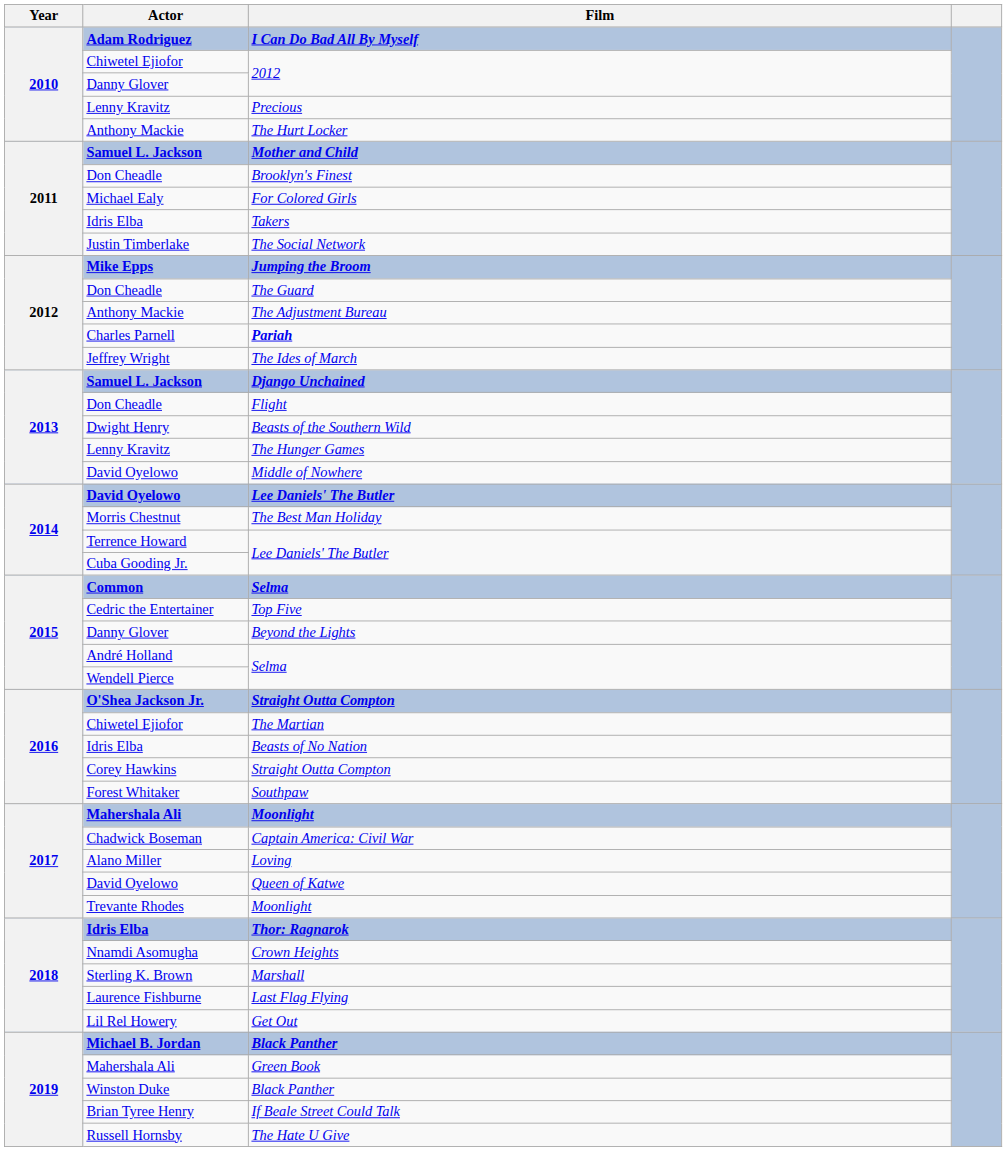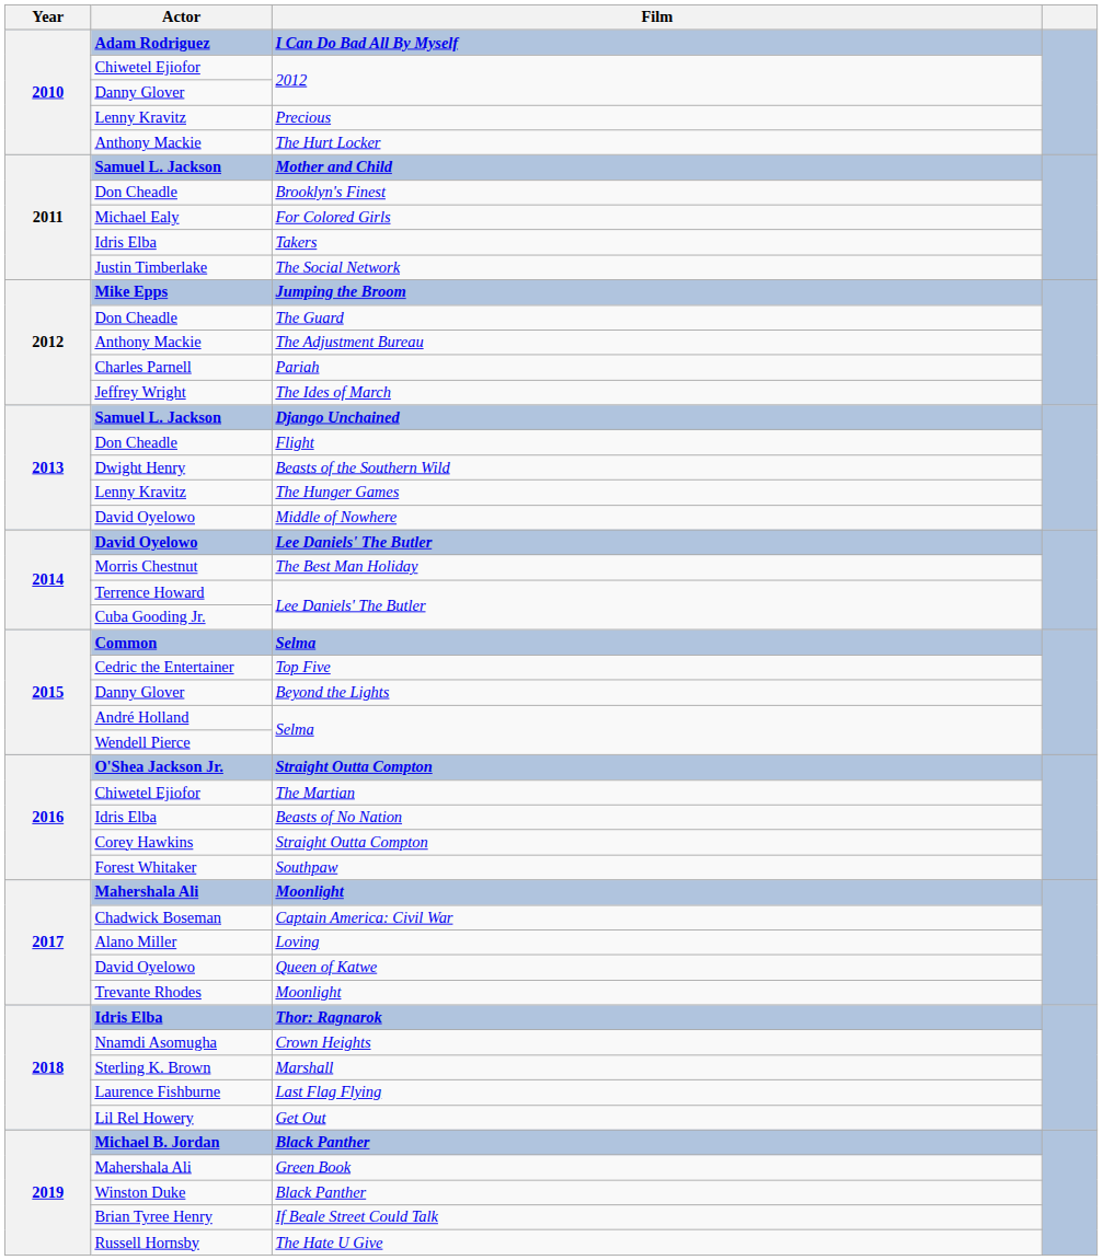 <table class="wikitable" style="width:70%;">
 <tr style="background:#bebebe;">
 <th scope="col" style="width:5em;">Year</th>
 <th scope="col" style="width:11em;">Actor</th>
 <th scope="col">Film</th>
 <th scope="col" style="width:3em;"></th>
 </tr>
 <tr style="background:#B0C4DE; font-weight:bold;">
 <th scope="row" rowspan="5"><a href='#'>2010</a></th>
 <td><a href='#'>Adam Rodriguez</a></td>
 <td><em><a href='#'>I Can Do Bad All By Myself</a></em></td>
 <td rowspan="5" style="text-align:center;"></td>
 </tr>
 <tr>
 <td><a href='#'>Chiwetel Ejiofor</a></td>
 <td rowspan="2"><em><a href='#'>2012</a></em></td>
 </tr>
 <tr>
 <td><a href='#'>Danny Glover</a></td>
 </tr>
 <tr>
 <td><a href='#'>Lenny Kravitz</a></td>
 <td><em><a href='#'>Precious</a></em></td>
 </tr>
 <tr>
 <td><a href='#'>Anthony Mackie</a></td>
 <td><em><a href='#'>The Hurt Locker</a></em></td>
 </tr>
 <tr style="background:#B0C4DE; font-weight:bold;">
 <th scope="row" rowspan="5">2011</th>
 <td><a href='#'>Samuel L. Jackson</a></td>
 <td><em><a href='#'>Mother and Child</a></em></td>
 <td rowspan="5" style="text-align:center;"></td>
 </tr>
 <tr>
 <td><a href='#'>Don Cheadle</a></td>
 <td><em><a href='#'>Brooklyn's Finest</a></em></td>
 </tr>
 <tr>
 <td><a href='#'>Michael Ealy</a></td>
 <td><em><a href='#'>For Colored Girls</a></em></td>
 </tr>
 <tr>
 <td><a href='#'>Idris Elba</a></td>
 <td><em><a href='#'>Takers</a></em></td>
 </tr>
 <tr>
 <td><a href='#'>Justin Timberlake</a></td>
 <td><em><a href='#'>The Social Network</a></em></td>
 </tr>
 <tr style="background:#B0C4DE; font-weight:bold;">
 <th scope="row" rowspan="5">2012</th>
 <td><a href='#'>Mike Epps</a></td>
 <td><em><a href='#'>Jumping the Broom</a></em></td>
 <td rowspan="5" style="text-align:center;"></td>
 </tr>
 <tr>
 <td><a href='#'>Don Cheadle</a></td>
 <td><em><a href='#'>The Guard</a></em></td>
 </tr>
 <tr>
 <td><a href='#'>Anthony Mackie</a></td>
 <td><em><a href='#'>The Adjustment Bureau</a></em></td>
 </tr>
 <tr>
 <td><a href='#'>Charles Parnell</a></td>
-<td><strong><em><a href='#'>Pariah</a></em></strong></td>
+<td><em><a href='#'>Pariah</a></em></td>
 </tr>
 <tr>
 <td><a href='#'>Jeffrey Wright</a></td>
 <td><em><a href='#'>The Ides of March</a></em></td>
 </tr>
 <tr style="background:#B0C4DE; font-weight:bold;">
 <th scope="row" rowspan="5"><a href='#'>2013</a></th>
 <td><a href='#'>Samuel L. Jackson</a></td>
 <td><em><a href='#'>Django Unchained</a></em></td>
 <td rowspan="5" style="text-align:center;"></td>
 </tr>
 <tr>
 <td><a href='#'>Don Cheadle</a></td>
 <td><em><a href='#'>Flight</a></em></td>
 </tr>
 <tr>
 <td><a href='#'>Dwight Henry</a></td>
 <td><em><a href='#'>Beasts of the Southern Wild</a></em></td>
 </tr>
 <tr>
 <td><a href='#'>Lenny Kravitz</a></td>
 <td><em><a href='#'>The Hunger Games</a></em></td>
 </tr>
 <tr>
 <td><a href='#'>David Oyelowo</a></td>
 <td><em><a href='#'>Middle of Nowhere</a></em></td>
 </tr>
 <tr style="background:#B0C4DE; font-weight:bold;">
 <th scope="row" rowspan="5"><a href='#'>2014</a></th>
 <td><a href='#'>David Oyelowo</a></td>
 <td><em><a href='#'>Lee Daniels' The Butler</a></em></td>
 <td rowspan="5" style="text-align:center;"></td>
 </tr>
 <tr>
 <td><a href='#'>Morris Chestnut</a></td>
 <td rowspan="2"><em><a href='#'>The Best Man Holiday</a></em></td>
 </tr>
 <tr>
 <td rowspan="2"><a href='#'>Terrence Howard</a></td>
 </tr>
 <tr>
 <td rowspan="2"><em><a href='#'>Lee Daniels' The Butler</a></em></td>
 </tr>
 <tr>
 <td><a href='#'>Cuba Gooding Jr.</a></td>
 </tr>
 <tr style="background:#B0C4DE; font-weight:bold;">
 <th scope="row" rowspan="5"><a href='#'>2015</a></th>
 <td><a href='#'>Common</a></td>
 <td><em><a href='#'>Selma</a></em></td>
 <td rowspan="5" style="text-align:center;"></td>
 </tr>
 <tr>
 <td><a href='#'>Cedric the Entertainer</a></td>
 <td><em><a href='#'>Top Five</a></em></td>
 </tr>
 <tr>
 <td><a href='#'>Danny Glover</a></td>
 <td><em><a href='#'>Beyond the Lights</a></em></td>
 </tr>
 <tr>
 <td><a href='#'>André Holland</a></td>
 <td rowspan="2"><em><a href='#'>Selma</a></em></td>
 </tr>
 <tr>
 <td><a href='#'>Wendell Pierce</a></td>
 </tr>
 <tr style="background:#B0C4DE; font-weight:bold;">
 <th scope="row" rowspan="5"><a href='#'>2016</a></th>
 <td><a href='#'>O'Shea Jackson Jr.</a></td>
 <td><em><a href='#'>Straight Outta Compton</a></em></td>
 <td rowspan="5" style="text-align:center;"></td>
 </tr>
 <tr>
 <td><a href='#'>Chiwetel Ejiofor</a></td>
 <td><em><a href='#'>The Martian</a></em></td>
 </tr>
 <tr>
 <td><a href='#'>Idris Elba</a></td>
 <td><em><a href='#'>Beasts of No Nation</a></em></td>
 </tr>
 <tr>
 <td><a href='#'>Corey Hawkins</a></td>
 <td><em><a href='#'>Straight Outta Compton</a></em></td>
 </tr>
 <tr>
 <td><a href='#'>Forest Whitaker</a></td>
 <td><em><a href='#'>Southpaw</a></em></td>
 </tr>
 <tr style="background:#B0C4DE; font-weight:bold;">
 <th scope="row" rowspan="5"><a href='#'>2017</a></th>
 <td><a href='#'>Mahershala Ali</a></td>
 <td><em><a href='#'>Moonlight</a></em></td>
 <td rowspan="5" style="text-align:center;"></td>
 </tr>
 <tr>
 <td><a href='#'>Chadwick Boseman</a></td>
 <td><em><a href='#'>Captain America: Civil War</a></em></td>
 </tr>
 <tr>
 <td><a href='#'>Alano Miller</a></td>
 <td><em><a href='#'>Loving</a></em></td>
 </tr>
 <tr>
 <td><a href='#'>David Oyelowo</a></td>
 <td><em><a href='#'>Queen of Katwe</a></em></td>
 </tr>
 <tr>
 <td><a href='#'>Trevante Rhodes</a></td>
 <td><em><a href='#'>Moonlight</a></em></td>
 </tr>
 <tr style="background:#B0C4DE; font-weight:bold;">
 <th scope="row" rowspan="5"><a href='#'>2018</a></th>
 <td><a href='#'>Idris Elba</a></td>
 <td><em><a href='#'>Thor: Ragnarok</a></em></td>
 <td rowspan="5" style="text-align:center;"></td>
 </tr>
 <tr>
 <td><a href='#'>Nnamdi Asomugha</a></td>
 <td><em><a href='#'>Crown Heights</a></em></td>
 </tr>
 <tr>
 <td><a href='#'>Sterling K. Brown</a></td>
 <td><em><a href='#'>Marshall</a></em></td>
 </tr>
 <tr>
 <td><a href='#'>Laurence Fishburne</a></td>
 <td><em><a href='#'>Last Flag Flying</a></em></td>
 </tr>
 <tr>
 <td><a href='#'>Lil Rel Howery</a></td>
 <td><em><a href='#'>Get Out</a></em></td>
 </tr>
 <tr style="background:#B0C4DE; font-weight:bold;">
 <th scope="row" rowspan="5"><a href='#'>2019</a></th>
 <td><a href='#'>Michael B. Jordan</a></td>
 <td><em><a href='#'>Black Panther</a></em></td>
 <td rowspan="5" align="center"></td>
 </tr>
 <tr>
 <td><a href='#'>Mahershala Ali</a></td>
 <td><em><a href='#'>Green Book</a></em></td>
 </tr>
 <tr>
 <td><a href='#'>Winston Duke</a></td>
 <td><em><a href='#'>Black Panther</a></em></td>
 </tr>
 <tr>
 <td><a href='#'>Brian Tyree Henry</a></td>
 <td><em><a href='#'>If Beale Street Could Talk</a></em></td>
 </tr>
 <tr>
 <td><a href='#'>Russell Hornsby</a></td>
 <td><em><a href='#'>The Hate U Give</a></em></td>
 </tr>
 </table>
